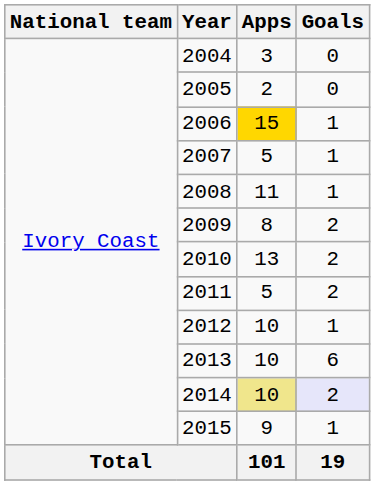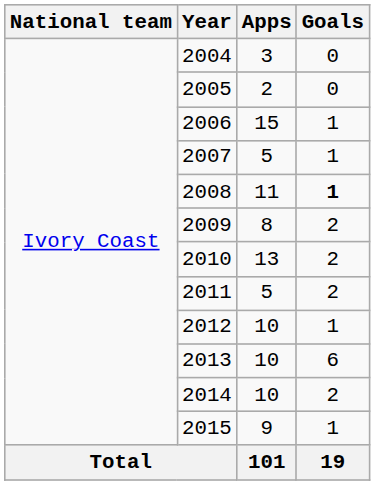 <table class="wikitable" style="text-align: center;">
 <tr>
 <th>National team</th>
 <th>Year</th>
 <th>Apps</th>
 <th>Goals</th>
 </tr>
 <tr>
 <td rowspan=12><a href='#'>Ivory Coast</a></td>
 <td>2004</td>
 <td>3</td>
 <td>0</td>
 </tr>
 <tr>
 <td>2005</td>
 <td>2</td>
 <td>0</td>
 </tr>
 <tr>
 <td>2006</td>
-<td style="background: gold;">15</td>
+<td>15</td>
 <td>1</td>
 </tr>
 <tr>
 <td>2007</td>
 <td>5</td>
 <td>1</td>
 </tr>
 <tr>
 <td>2008</td>
 <td>11</td>
-<td>1</td>
+<td><strong>1</strong></td>
 </tr>
 <tr>
 <td>2009</td>
 <td>8</td>
 <td>2</td>
 </tr>
 <tr>
 <td>2010</td>
 <td>13</td>
 <td>2</td>
 </tr>
 <tr>
 <td>2011</td>
 <td>5</td>
 <td>2</td>
 </tr>
 <tr>
 <td>2012</td>
 <td>10</td>
 <td>1</td>
 </tr>
 <tr>
 <td>2013</td>
 <td>10</td>
 <td>6</td>
 </tr>
 <tr>
 <td>2014</td>
-<td style="background: khaki;">10</td>
-<td style="background: lavender;">2</td>
+<td>10</td>
+<td>2</td>
 </tr>
 <tr>
 <td>2015</td>
 <td>9</td>
 <td>1</td>
 </tr>
 <tr>
 <th colspan="2">Total</th>
 <th>101</th>
 <th>19</th>
 </tr>
 </table>
